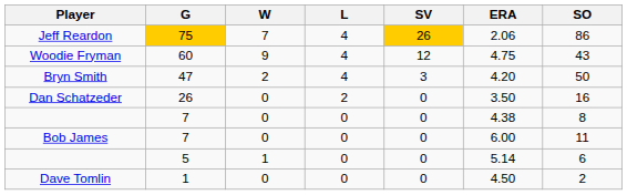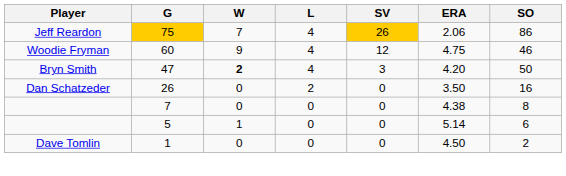 <table class="wikitable sortable">
 <tr>
 <th bgcolor="#DDDDFF" width="16%">Player</th>
 <th bgcolor="#DDDDFF" width="9%">G</th>
 <th bgcolor="#DDDDFF" width="9%">W</th>
 <th bgcolor="#DDDDFF" width="9%">L</th>
 <th bgcolor="#DDDDFF" width="9%">SV</th>
 <th bgcolor="#DDDDFF" width="9%">ERA</th>
 <th bgcolor="#DDDDFF" width="9%">SO</th>
 </tr>
 <tr align="center">
 <td><a href='#'>Jeff Reardon</a></td>
 <td style="background:#fc0;">75</td>
 <td>7</td>
 <td>4</td>
 <td style="background:#fc0;">26</td>
 <td>2.06</td>
 <td>86</td>
 </tr>
 <tr align="center">
 <td><a href='#'>Woodie Fryman</a></td>
 <td>60</td>
 <td>9</td>
 <td>4</td>
 <td>12</td>
 <td>4.75</td>
-<td>43</td>
+<td>46</td>
 </tr>
 <tr align="center">
 <td><a href='#'>Bryn Smith</a></td>
 <td>47</td>
-<td>2</td>
+<td><strong>2</strong></td>
 <td>4</td>
 <td>3</td>
 <td>4.20</td>
 <td>50</td>
 </tr>
 <tr align="center">
 <td><a href='#'>Dan Schatzeder</a></td>
 <td>26</td>
 <td>0</td>
 <td>2</td>
 <td>0</td>
 <td>3.50</td>
 <td>16</td>
 </tr>
 <tr align="center">
 <td></td>
 <td>7</td>
 <td>0</td>
 <td>0</td>
 <td>0</td>
 <td>4.38</td>
 <td>8</td>
 </tr>
 <tr align="center">
-<td><a href='#'>Bob James</a></td>
-<td>7</td>
-<td>0</td>
-<td>0</td>
-<td>0</td>
-<td>6.00</td>
-<td>11</td>
-</tr>
-<tr align="center">
 <td></td>
 <td>5</td>
 <td>1</td>
 <td>0</td>
 <td>0</td>
 <td>5.14</td>
 <td>6</td>
 </tr>
 <tr align="center">
 <td><a href='#'>Dave Tomlin</a></td>
 <td>1</td>
 <td>0</td>
 <td>0</td>
 <td>0</td>
 <td>4.50</td>
 <td>2</td>
 </tr>
 </table>
